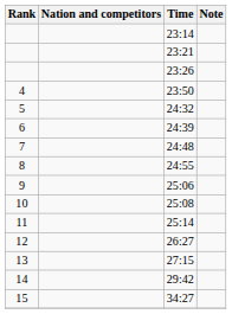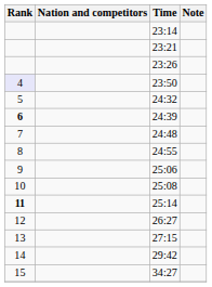 <table class="wikitable sortable" style="text-align:center;">
 <tr>
 <th>Rank</th>
 <th>Nation and competitors</th>
 <th>Time</th>
 <th>Note</th>
 </tr>
 <tr>
 <td></td>
 <td style="text-align:left;"><small></small></td>
 <td>23:14</td>
 <td></td>
 </tr>
 <tr>
 <td></td>
 <td style="text-align:left;"><small></small></td>
 <td>23:21</td>
 <td></td>
 </tr>
 <tr>
 <td></td>
 <td style="text-align:left;"><small></small></td>
 <td>23:26</td>
 <td></td>
 </tr>
 <tr>
-<td data-sort-value="04">4</td>
+<td data-sort-value="04" style="background: lavender;">4</td>
 <td style="text-align:left;"><small></small></td>
 <td>23:50</td>
 <td></td>
 </tr>
 <tr>
 <td data-sort-value="05">5</td>
 <td style="text-align:left;"><small></small></td>
 <td>24:32</td>
 <td></td>
 </tr>
 <tr>
-<td data-sort-value="06">6</td>
+<td data-sort-value="06"><strong>6</strong></td>
 <td style="text-align:left;"><small></small></td>
 <td>24:39</td>
 <td></td>
 </tr>
 <tr>
 <td data-sort-value="07">7</td>
 <td style="text-align:left;"><small></small></td>
 <td>24:48</td>
 <td></td>
 </tr>
 <tr>
 <td data-sort-value="08">8</td>
 <td style="text-align:left;"><small></small></td>
 <td>24:55</td>
 <td></td>
 </tr>
 <tr>
 <td data-sort-value="09">9</td>
 <td style="text-align:left;"><small></small></td>
 <td>25:06</td>
 <td></td>
 </tr>
 <tr>
 <td data-sort-value="10">10</td>
 <td style="text-align:left;"><small></small></td>
 <td>25:08</td>
 <td></td>
 </tr>
 <tr>
-<td data-sort-value="11">11</td>
+<td data-sort-value="11"><strong>11</strong></td>
 <td style="text-align:left;"><small></small></td>
 <td>25:14</td>
 <td></td>
 </tr>
 <tr>
 <td data-sort-value="12">12</td>
 <td style="text-align:left;"><small></small></td>
 <td>26:27</td>
 <td></td>
 </tr>
 <tr>
 <td data-sort-value="13">13</td>
 <td style="text-align:left;"><small></small></td>
 <td>27:15</td>
 <td></td>
 </tr>
 <tr>
 <td data-sort-value="14">14</td>
 <td style="text-align:left;"><small></small></td>
 <td>29:42</td>
 <td></td>
 </tr>
 <tr>
 <td data-sort-value="15">15</td>
 <td style="text-align:left;"><small></small></td>
 <td>34:27</td>
 <td></td>
 </tr>
 <tr>
 </tr>
 </table>
